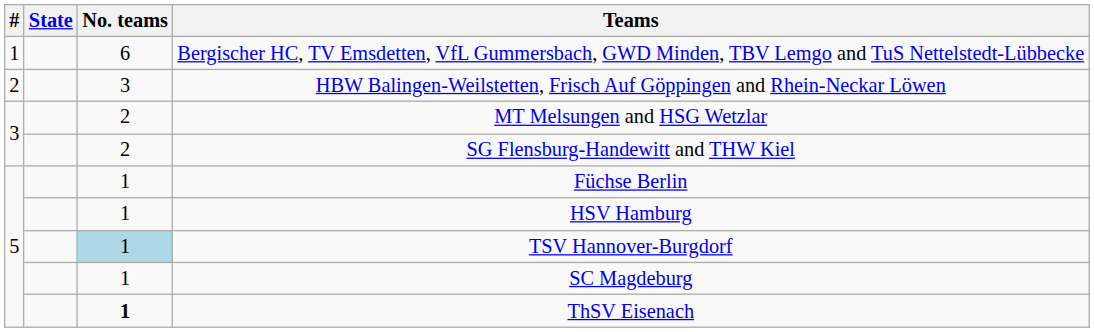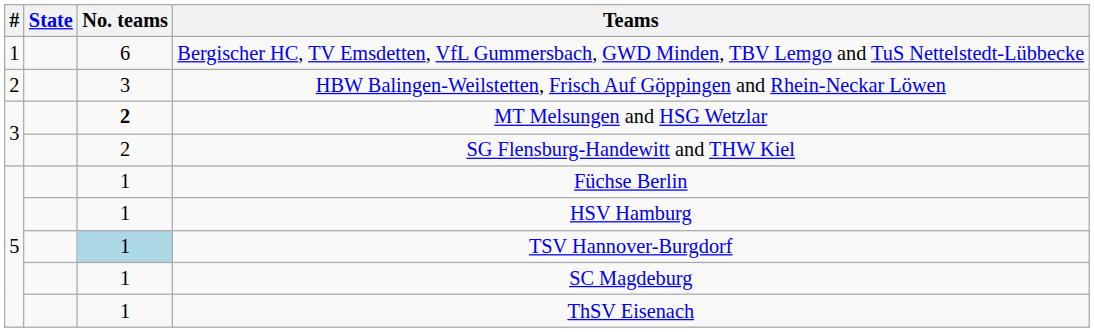 <table class="wikitable">
 <tr>
 <th>#</th>
 <th><a href='#'>State</a></th>
 <th>No. teams</th>
 <th>Teams</th>
 </tr>
 <tr>
 <td rowspan=1>1</td>
 <td></td>
 <td align=center>6</td>
 <td align=center><a href='#'>Bergischer HC</a>, <a href='#'>TV Emsdetten</a>, <a href='#'>VfL Gummersbach</a>, <a href='#'>GWD Minden</a>, <a href='#'>TBV Lemgo</a> and <a href='#'>TuS Nettelstedt-Lübbecke</a></td>
 </tr>
 <tr>
 <td rowspan=1>2</td>
 <td></td>
 <td align=center>3</td>
 <td align=center><a href='#'>HBW Balingen-Weilstetten</a>, <a href='#'>Frisch Auf Göppingen</a> and <a href='#'>Rhein-Neckar Löwen</a></td>
 </tr>
 <tr>
 <td rowspan=2>3</td>
 <td></td>
-<td align=center>2</td>
+<td align=center><strong>2</strong></td>
 <td align=center><a href='#'>MT Melsungen</a> and <a href='#'>HSG Wetzlar</a></td>
 </tr>
 <tr>
 <td></td>
 <td align=center>2</td>
 <td align=center><a href='#'>SG Flensburg-Handewitt</a> and <a href='#'>THW Kiel</a></td>
 </tr>
 <tr>
 <td rowspan=5>5</td>
 <td></td>
 <td align=center>1</td>
 <td align=center><a href='#'>Füchse Berlin</a></td>
 </tr>
 <tr>
 <td></td>
 <td align=center>1</td>
 <td align=center><a href='#'>HSV Hamburg</a></td>
 </tr>
 <tr>
 <td></td>
 <td align=center style="background: lightblue;">1</td>
 <td align=center><a href='#'>TSV Hannover-Burgdorf</a></td>
 </tr>
 <tr>
 <td></td>
 <td align=center>1</td>
 <td align=center><a href='#'>SC Magdeburg</a></td>
 </tr>
 <tr>
 <td></td>
-<td align=center><strong>1</strong></td>
+<td align=center>1</td>
 <td align=center><a href='#'>ThSV Eisenach</a></td>
 </tr>
 </table>
